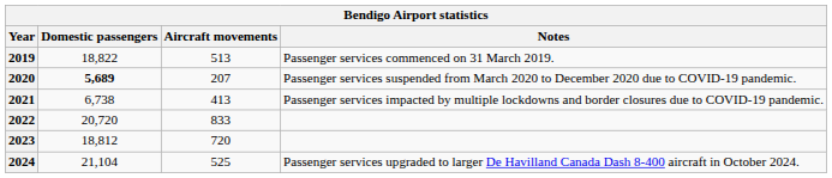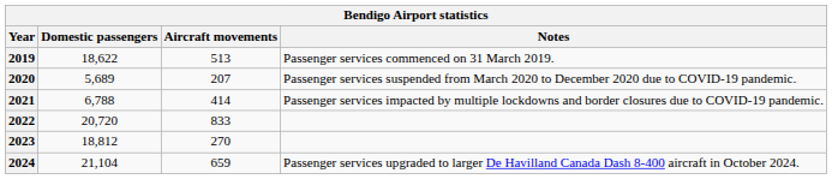 <table class="wikitable" style="margin:1em auto; text-size:100%; text-align:center">
 <tr>
 <th style="text-align:center;" colspan="5">Bendigo Airport statistics</th>
 </tr>
 <tr>
 <th>Year</th>
 <th>Domestic passengers</th>
 <th>Aircraft movements</th>
 <th>Notes</th>
 </tr>
 <tr>
 <th>2019</th>
-<td>18,822</td>
+<td>18,622</td>
 <td>513</td>
 <td style="text-align:left;">Passenger services commenced on 31 March 2019.</td>
 </tr>
 <tr>
 <th>2020</th>
-<td><strong>5,689</strong></td>
+<td>5,689</td>
 <td>207</td>
 <td style="text-align:left;">Passenger services suspended from March 2020 to December 2020 due to COVID-19 pandemic.</td>
 </tr>
 <tr>
 <th>2021</th>
-<td>6,738</td>
-<td>413</td>
+<td>6,788</td>
+<td>414</td>
 <td style="text-align:left;">Passenger services impacted by multiple lockdowns and border closures due to COVID-19 pandemic.</td>
 </tr>
 <tr>
 <th>2022</th>
 <td>20,720</td>
 <td>833</td>
 <td style="text-align:left;"></td>
 </tr>
 <tr>
 <th>2023</th>
 <td>18,812</td>
-<td>720</td>
+<td>270</td>
 <td style="text-align:left;"></td>
 </tr>
 <tr>
 <th>2024</th>
 <td>21,104</td>
-<td>525</td>
+<td>659</td>
 <td style="text-align:left;">Passenger services upgraded to larger <a href='#'>De Havilland Canada Dash 8-400</a> aircraft in October 2024.</td>
 </tr>
 </table>
